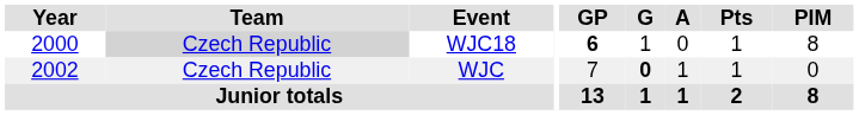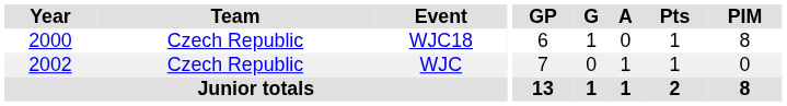 <table border="0" cellpadding="1" cellspacing="0" ID="Table3" style="text-align:center; width:40em">
 <tr ALIGN="center" bgcolor="#e0e0e0">
 <th>Year</th>
 <th>Team</th>
 <th>Event</th>
 <th rowspan="99" bgcolor="#ffffff"></th>
 <th>GP</th>
 <th>G</th>
 <th>A</th>
 <th>Pts</th>
 <th>PIM</th>
 </tr>
 <tr>
 <td><a href='#'>2000</a></td>
-<td style="background: lightgrey;"><a href='#'>Czech Republic</a></td>
+<td><a href='#'>Czech Republic</a></td>
 <td><a href='#'>WJC18</a></td>
-<td><strong>6</strong></td>
+<td>6</td>
 <td>1</td>
 <td>0</td>
 <td>1</td>
 <td>8</td>
 </tr>
 <tr bgcolor="#f0f0f0">
 <td><a href='#'>2002</a></td>
 <td><a href='#'>Czech Republic</a></td>
 <td><a href='#'>WJC</a></td>
 <td>7</td>
-<td><strong>0</strong></td>
+<td>0</td>
 <td>1</td>
 <td>1</td>
 <td>0</td>
 </tr>
 <tr bgcolor="#e0e0e0">
 <th colspan="3">Junior totals</th>
 <th>13</th>
 <th>1</th>
 <th>1</th>
 <th>2</th>
 <th>8</th>
 </tr>
 </table>
